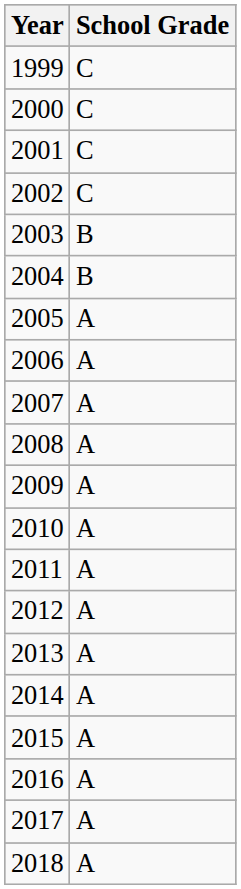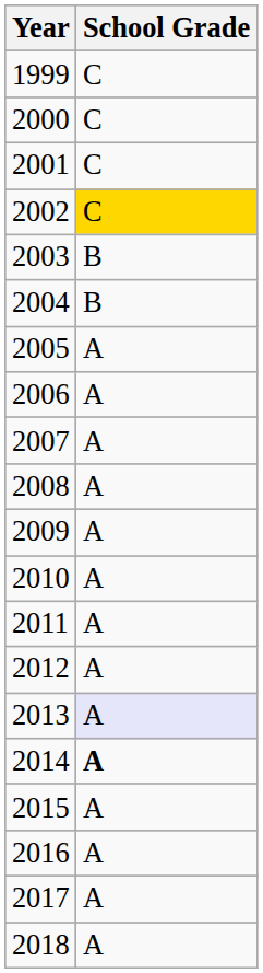 <table class="wikitable">
 <tr>
 <th>Year</th>
 <th>School Grade</th>
 </tr>
 <tr>
 <td>1999</td>
 <td>C</td>
 </tr>
 <tr>
 <td>2000</td>
 <td>C</td>
 </tr>
 <tr>
 <td>2001</td>
 <td>C</td>
 </tr>
 <tr>
 <td>2002</td>
-<td>C</td>
+<td style="background: gold;">C</td>
 </tr>
 <tr>
 <td>2003</td>
 <td>B</td>
 </tr>
 <tr>
 <td>2004</td>
 <td>B</td>
 </tr>
 <tr>
 <td>2005</td>
 <td>A</td>
 </tr>
 <tr>
 <td>2006</td>
 <td>A</td>
 </tr>
 <tr>
 <td>2007</td>
 <td>A</td>
 </tr>
 <tr>
 <td>2008</td>
 <td>A</td>
 </tr>
 <tr>
 <td>2009</td>
 <td>A</td>
 </tr>
 <tr>
 <td>2010</td>
 <td>A</td>
 </tr>
 <tr>
 <td>2011</td>
 <td>A</td>
 </tr>
 <tr>
 <td>2012</td>
 <td>A</td>
 </tr>
 <tr>
 <td>2013</td>
-<td>A</td>
+<td style="background: lavender;">A</td>
 </tr>
 <tr>
 <td>2014</td>
-<td>A</td>
+<td><strong>A</strong></td>
 </tr>
 <tr>
 <td>2015</td>
 <td>A</td>
 </tr>
 <tr>
 <td>2016</td>
 <td>A</td>
 </tr>
 <tr>
 <td>2017</td>
 <td>A</td>
 </tr>
 <tr>
 <td>2018</td>
 <td>A</td>
 </tr>
 </table>
